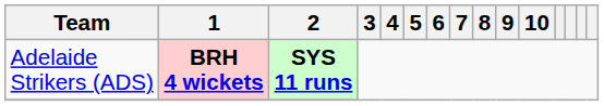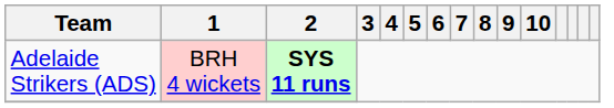 <table class="wikitable" style="font-size:85%; text-align:center;">
 <tr>
 <th>Team</th>
 <th>1</th>
 <th>2</th>
 <th>3</th>
 <th>4</th>
 <th>5</th>
 <th>6</th>
 <th>7</th>
 <th>8</th>
 <th>9</th>
 <th>10</th>
 <th></th>
 <th></th>
 <th></th>
 <th></th>
 </tr>
 <tr>
 <td align="left"><a href='#'>Adelaide<br>Strikers (ADS)</a></td>
-<td style="background:#ffcfcf;"><strong>BRH<br><a href='#'>4 wickets</a></strong></td>
+<td style="background:#ffcfcf;">BRH<br><a href='#'>4 wickets</a></td>
 <td style="background:#cfc;"><strong>SYS<br><a href='#'>11 runs</a></strong></td>
 </tr>
 <tr>
 </tr>
 </table>
